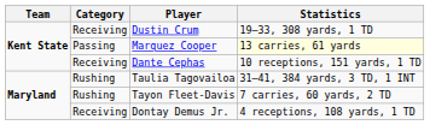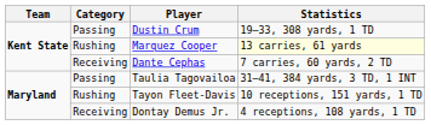 <table class="wikitable" style="float: right;">
 <tr>
 <th>Team</th>
 <th>Category</th>
 <th>Player</th>
 <th>Statistics</th>
 </tr>
 <tr>
 <td rowspan=3><strong>Kent State</strong></td>
-<td>Receiving</td>
+<td>Passing</td>
 <td><a href='#'>Dustin Crum</a></td>
 <td>19–33, 308 yards, 1 TD</td>
 </tr>
 <tr>
-<td>Passing</td>
+<td>Rushing</td>
 <td><a href='#'>Marquez Cooper</a></td>
 <td style="background: lightyellow;">13 carries, 61 yards</td>
 </tr>
 <tr>
 <td>Receiving</td>
 <td><a href='#'>Dante Cephas</a></td>
-<td>10 receptions, 151 yards, 1 TD</td>
+<td>7 carries, 60 yards, 2 TD</td>
 </tr>
 <tr>
 <td rowspan=3><strong>Maryland</strong></td>
-<td>Rushing</td>
+<td>Passing</td>
 <td>Taulia Tagovailoa</td>
 <td>31–41, 384 yards, 3 TD, 1 INT</td>
 </tr>
 <tr>
 <td>Rushing</td>
 <td>Tayon Fleet-Davis</td>
-<td>7 carries, 60 yards, 2 TD</td>
+<td>10 receptions, 151 yards, 1 TD</td>
 </tr>
 <tr>
 <td>Receiving</td>
 <td>Dontay Demus Jr.</td>
 <td>4 receptions, 108 yards, 1 TD</td>
 </tr>
 </table>
